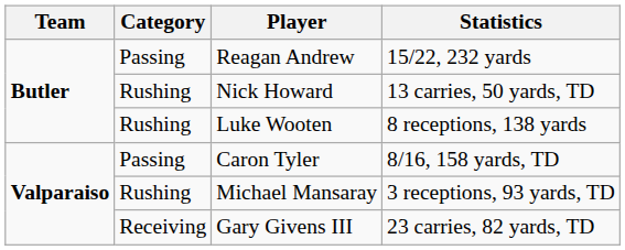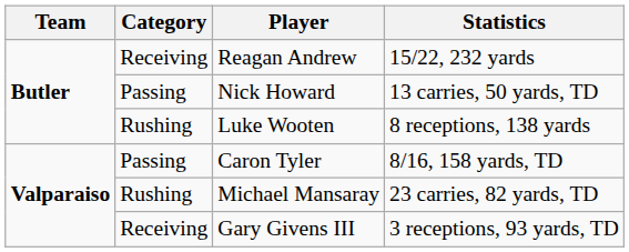 <table class="wikitable" style="float: right;">
 <tr>
 <th>Team</th>
 <th>Category</th>
 <th>Player</th>
 <th>Statistics</th>
 </tr>
 <tr>
 <td rowspan=3><strong>Butler</strong></td>
-<td>Passing</td>
+<td>Receiving</td>
 <td>Reagan Andrew</td>
 <td>15/22, 232 yards</td>
 </tr>
 <tr>
-<td>Rushing</td>
+<td>Passing</td>
 <td>Nick Howard</td>
 <td>13 carries, 50 yards, TD</td>
 </tr>
 <tr>
 <td>Rushing</td>
 <td>Luke Wooten</td>
 <td>8 receptions, 138 yards</td>
 </tr>
 <tr>
 <td rowspan=3><strong>Valparaiso</strong></td>
 <td>Passing</td>
 <td>Caron Tyler</td>
 <td>8/16, 158 yards, TD</td>
 </tr>
 <tr>
 <td>Rushing</td>
 <td>Michael Mansaray</td>
-<td>3 receptions, 93 yards, TD</td>
+<td>23 carries, 82 yards, TD</td>
 </tr>
 <tr>
 <td>Receiving</td>
 <td>Gary Givens III</td>
-<td>23 carries, 82 yards, TD</td>
+<td>3 receptions, 93 yards, TD</td>
 </tr>
 </table>
